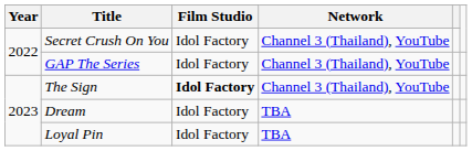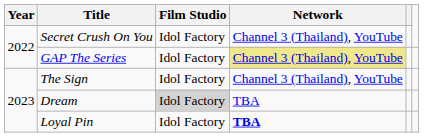 <table class="wikitable plainrowheaders sortable">
 <tr>
 <th scope="col">Year</th>
 <th scope="col">Title</th>
 <th scope="col">Film Studio</th>
 <th class="unsortable">Network</th>
 <th class="unsortable"></th>
 </tr>
 <tr>
 <td rowspan="2" style="text-align: center;">2022</td>
 <td><em>Secret Crush On You</em></td>
 <td>Idol Factory</td>
 <td><a href='#'>Channel 3 (Thailand)</a>, <a href='#'>YouTube</a></td>
 <td></td>
 </tr>
 <tr>
 <td><a href='#'><em>GAP The Series</em></a></td>
 <td>Idol Factory</td>
-<td><a href='#'>Channel 3 (Thailand)</a>, <a href='#'>YouTube</a></td>
+<td style="background: khaki;"><a href='#'>Channel 3 (Thailand)</a>, <a href='#'>YouTube</a></td>
 <td></td>
 <td></td>
 </tr>
 <tr>
 <td rowspan="3" style="text-align: center;">2023</td>
 <td><em>The Sign</em></td>
-<td><strong>Idol Factory</strong></td>
+<td>Idol Factory</td>
 <td><a href='#'>Channel 3 (Thailand)</a>, <a href='#'>YouTube</a></td>
 <td></td>
 <td></td>
 </tr>
 <tr>
 <td><em>Dream</em></td>
-<td>Idol Factory</td>
+<td style="background: lightgrey;">Idol Factory</td>
 <td><a href='#'>TBA</a></td>
 <td></td>
 <td></td>
 </tr>
 <tr>
 <td><em>Loyal Pin</em></td>
 <td>Idol Factory</td>
-<td><a href='#'>TBA</a></td>
+<td><strong><a href='#'>TBA</a></strong></td>
 <td></td>
 </tr>
 </table>
